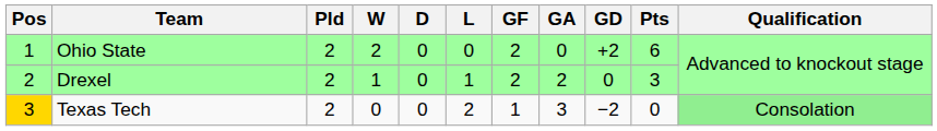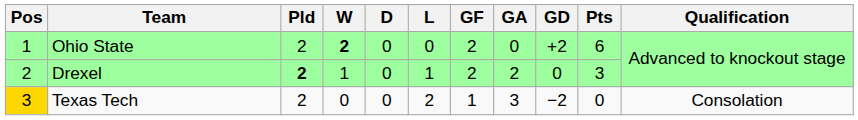 <table class="wikitable" style="text-align:center; margin: 1em auto">
 <tr>
 <th style=width:2em>Pos</th>
 <th style=width:13em>Team</th>
 <th style=width:2em>Pld</th>
 <th style=width:2em>W</th>
 <th style=width:2em>D</th>
 <th style=width:2em>L</th>
 <th style=width:2em>GF</th>
 <th style=width:2em>GA</th>
 <th style=width:2em>GD</th>
 <th style=width:2em>Pts</th>
 <th style=width:13em>Qualification</th>
 </tr>
 <tr bgcolor="#9eff9e">
 <td>1</td>
 <td style="text-align:left">Ohio State</td>
 <td>2</td>
-<td>2</td>
+<td><strong>2</strong></td>
 <td>0</td>
 <td>0</td>
 <td>2</td>
 <td>0</td>
 <td>+2</td>
 <td>6</td>
 <td rowspan="2">Advanced to knockout stage</td>
 </tr>
 <tr bgcolor="#9eff9e">
 <td>2</td>
 <td style="text-align:left">Drexel</td>
-<td>2</td>
+<td><strong>2</strong></td>
 <td>1</td>
 <td>0</td>
 <td>1</td>
 <td>2</td>
 <td>2</td>
 <td>0</td>
 <td>3</td>
 </tr>
 <tr>
 <td style="background: gold;">3</td>
 <td style="text-align:left">Texas Tech</td>
 <td>2</td>
 <td>0</td>
 <td>0</td>
 <td>2</td>
 <td>1</td>
 <td>3</td>
 <td>−2</td>
 <td>0</td>
-<td style="background: lightgreen;">Consolation</td>
+<td>Consolation</td>
 </tr>
 </table>
